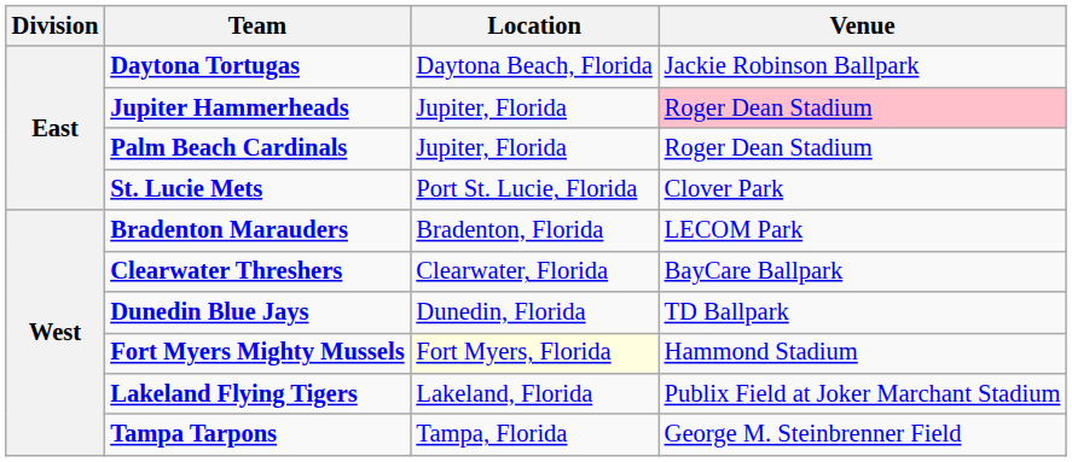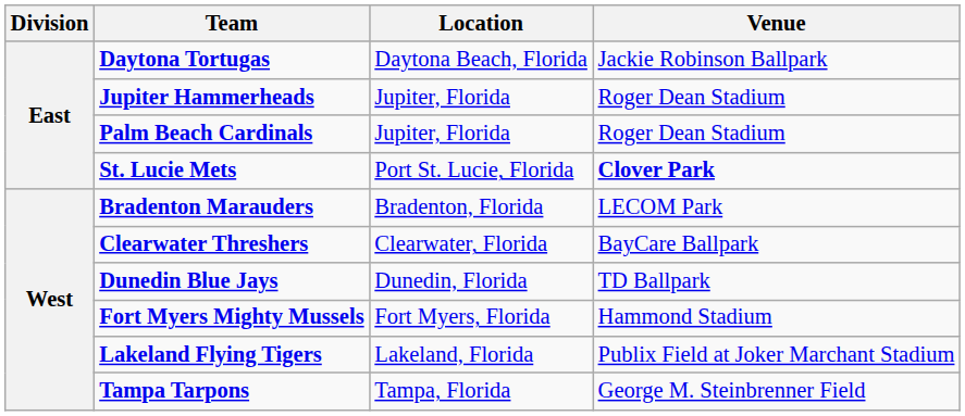 <table class="wikitable" style="font-size:85%">
 <tr>
 <th>Division</th>
 <th>Team</th>
 <th>Location</th>
 <th>Venue</th>
 </tr>
 <tr>
 <th rowspan="4">East</th>
 <td><strong><a href='#'>Daytona Tortugas</a></strong></td>
 <td><a href='#'>Daytona Beach, Florida</a></td>
 <td><a href='#'>Jackie Robinson Ballpark</a></td>
 </tr>
 <tr>
 <td><strong><a href='#'>Jupiter Hammerheads</a></strong></td>
 <td><a href='#'>Jupiter, Florida</a></td>
-<td style="background: pink;"><a href='#'>Roger Dean Stadium</a></td>
+<td><a href='#'>Roger Dean Stadium</a></td>
 </tr>
 <tr>
 <td><strong><a href='#'>Palm Beach Cardinals</a></strong></td>
 <td><a href='#'>Jupiter, Florida</a></td>
 <td><a href='#'>Roger Dean Stadium</a></td>
 </tr>
 <tr>
 <td><strong><a href='#'>St. Lucie Mets</a></strong></td>
 <td><a href='#'>Port St. Lucie, Florida</a></td>
-<td><a href='#'>Clover Park</a></td>
+<td><strong><a href='#'>Clover Park</a></strong></td>
 </tr>
 <tr>
 <th rowspan="6">West</th>
 <td><strong><a href='#'>Bradenton Marauders</a></strong></td>
 <td><a href='#'>Bradenton, Florida</a></td>
 <td><a href='#'>LECOM Park</a></td>
 </tr>
 <tr>
 <td><strong><a href='#'>Clearwater Threshers</a></strong></td>
 <td><a href='#'>Clearwater, Florida</a></td>
 <td><a href='#'>BayCare Ballpark</a></td>
 </tr>
 <tr>
 <td><strong><a href='#'>Dunedin Blue Jays</a></strong></td>
 <td><a href='#'>Dunedin, Florida</a></td>
 <td><a href='#'>TD Ballpark</a></td>
 </tr>
 <tr>
 <td><strong><a href='#'>Fort Myers Mighty Mussels</a></strong></td>
-<td style="background: lightyellow;"><a href='#'>Fort Myers, Florida</a></td>
+<td><a href='#'>Fort Myers, Florida</a></td>
 <td><a href='#'>Hammond Stadium</a></td>
 </tr>
 <tr>
 <td><strong><a href='#'>Lakeland Flying Tigers</a></strong></td>
 <td><a href='#'>Lakeland, Florida</a></td>
 <td><a href='#'>Publix Field at Joker Marchant Stadium</a></td>
 </tr>
 <tr>
 <td><strong><a href='#'>Tampa Tarpons</a></strong></td>
 <td><a href='#'>Tampa, Florida</a></td>
 <td><a href='#'>George M. Steinbrenner Field</a></td>
 </tr>
 </table>
